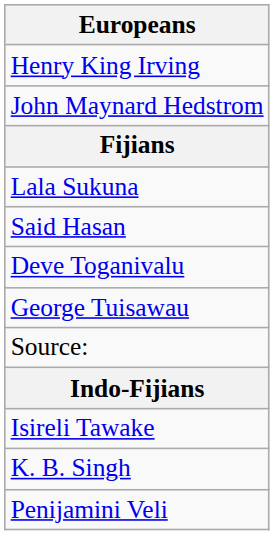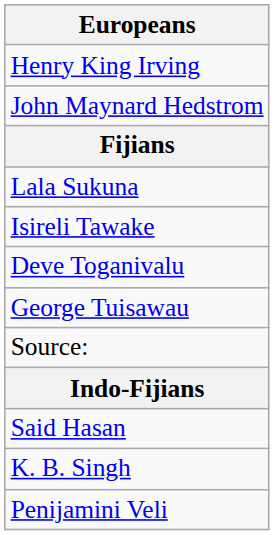 <table class=wikitable>
 <tr>
 <th>Europeans</th>
 </tr>
 <tr>
 <td><a href='#'>Henry King Irving</a></td>
 </tr>
 <tr>
 <td><a href='#'>John Maynard Hedstrom</a></td>
 </tr>
 <tr>
 <th>Fijians</th>
 </tr>
 <tr>
 <td><a href='#'>Lala Sukuna</a></td>
 </tr>
 <tr>
-<td><a href='#'>Said Hasan</a></td>
+<td><a href='#'>Isireli Tawake</a></td>
 </tr>
 <tr>
 <td><a href='#'>Deve Toganivalu</a></td>
 </tr>
 <tr>
 <td><a href='#'>George Tuisawau</a></td>
 </tr>
 <tr>
 <td>Source: </td>
 </tr>
 <tr>
 <th>Indo-Fijians</th>
 </tr>
 <tr>
-<td><a href='#'>Isireli Tawake</a></td>
+<td><a href='#'>Said Hasan</a></td>
 </tr>
 <tr>
 <td><a href='#'>K. B. Singh</a></td>
 </tr>
 <tr>
 <td><a href='#'>Penijamini Veli</a></td>
 </tr>
 </table>
